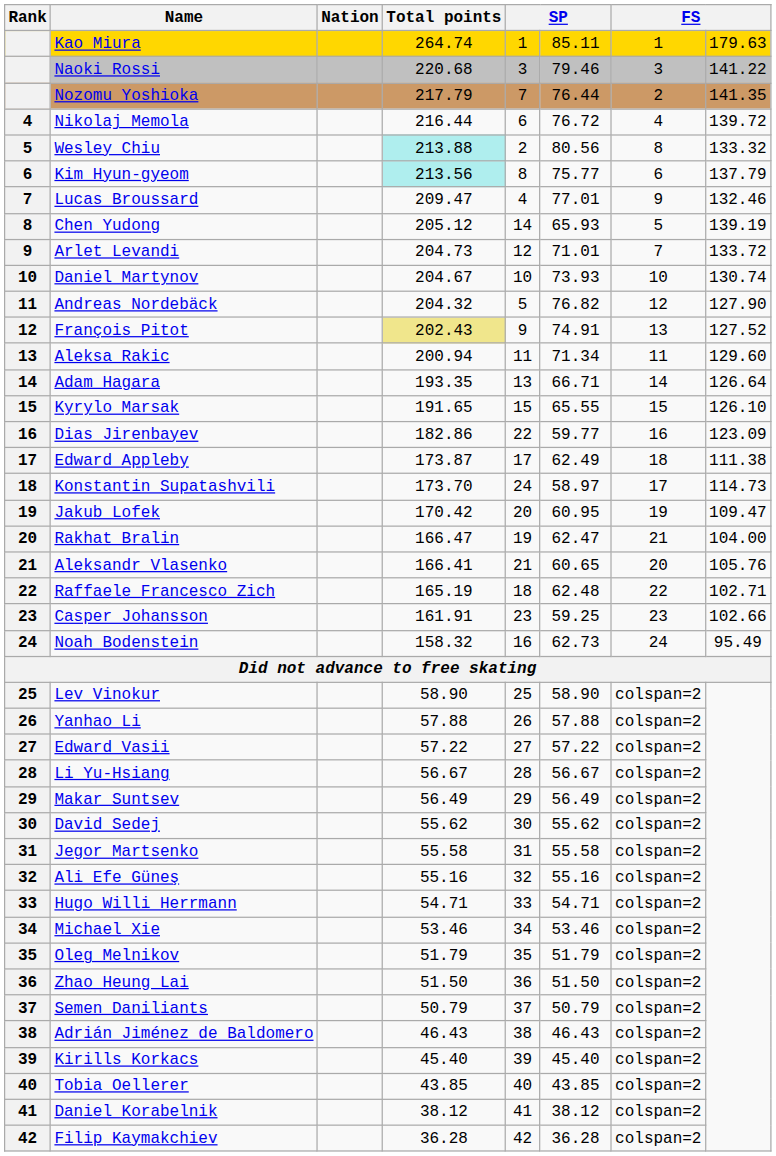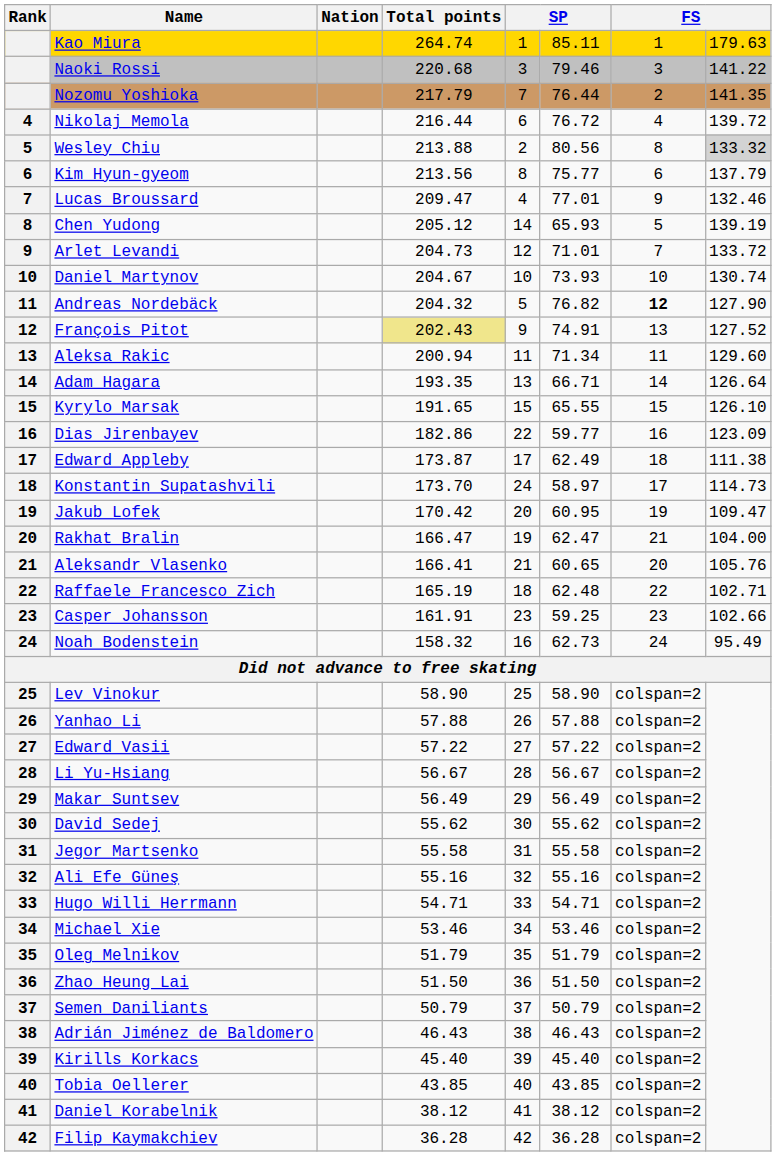 <table class="wikitable sortable" style="text-align:center;">
 <tr>
 <th scope="col">Rank</th>
 <th scope="col">Name</th>
 <th scope="col">Nation</th>
 <th scope="col">Total points</th>
 <th colspan="2" width="80px"><a href='#'>SP</a></th>
 <th colspan="2" width="80px"><a href='#'>FS</a></th>
 </tr>
 <tr bgcolor="gold">
 <th scope="row"><strong></strong></th>
 <td style="text-align:left"><a href='#'>Kao Miura</a></td>
 <td style="text-align:left"></td>
 <td align="center">264.74</td>
 <td align="center">1</td>
 <td align="center">85.11</td>
 <td align="center">1</td>
 <td align="center">179.63</td>
 </tr>
 <tr bgcolor="silver">
 <th scope="row"><strong></strong></th>
 <td style="text-align:left"><a href='#'>Naoki Rossi</a></td>
 <td style="text-align:left"></td>
 <td align="center">220.68</td>
 <td align="center">3</td>
 <td align="center">79.46</td>
 <td align="center">3</td>
 <td align="center">141.22</td>
 </tr>
 <tr bgcolor="#cc9966">
 <th scope="row"><strong></strong></th>
 <td style="text-align:left"><a href='#'>Nozomu Yoshioka</a></td>
 <td style="text-align:left"></td>
 <td align="center">217.79</td>
 <td align="center">7</td>
 <td align="center">76.44</td>
 <td align="center">2</td>
 <td align="center">141.35</td>
 </tr>
 <tr>
 <th scope="row">4</th>
 <td style="text-align:left"><a href='#'>Nikolaj Memola</a></td>
 <td style="text-align:left"></td>
 <td align="center">216.44</td>
 <td align="center">6</td>
 <td align="center">76.72</td>
 <td align="center">4</td>
 <td align="center">139.72</td>
 </tr>
 <tr>
 <th scope="row">5</th>
 <td style="text-align:left"><a href='#'>Wesley Chiu</a></td>
 <td style="text-align:left"></td>
-<td align="center" style="background: paleturquoise;">213.88</td>
+<td align="center">213.88</td>
 <td align="center">2</td>
 <td align="center">80.56</td>
 <td align="center">8</td>
-<td align="center">133.32</td>
+<td align="center" style="background: lightgrey;">133.32</td>
 </tr>
 <tr>
 <th scope="row">6</th>
 <td style="text-align:left"><a href='#'>Kim Hyun-gyeom</a></td>
 <td style="text-align:left"></td>
-<td align="center" style="background: paleturquoise;">213.56</td>
+<td align="center">213.56</td>
 <td align="center">8</td>
 <td align="center">75.77</td>
 <td align="center">6</td>
 <td align="center">137.79</td>
 </tr>
 <tr>
 <th scope="row">7</th>
 <td style="text-align:left"><a href='#'>Lucas Broussard</a></td>
 <td style="text-align:left"></td>
 <td align="center">209.47</td>
 <td align="center">4</td>
 <td align="center">77.01</td>
 <td align="center">9</td>
 <td align="center">132.46</td>
 </tr>
 <tr>
 <th scope="row">8</th>
 <td style="text-align:left"><a href='#'>Chen Yudong</a></td>
 <td style="text-align:left"></td>
 <td align="center">205.12</td>
 <td align="center">14</td>
 <td align="center">65.93</td>
 <td align="center">5</td>
 <td align="center">139.19</td>
 </tr>
 <tr>
 <th scope="row">9</th>
 <td style="text-align:left"><a href='#'>Arlet Levandi</a></td>
 <td style="text-align:left"></td>
 <td align="center">204.73</td>
 <td align="center">12</td>
 <td align="center">71.01</td>
 <td align="center">7</td>
 <td align="center">133.72</td>
 </tr>
 <tr>
 <th scope="row">10</th>
 <td style="text-align:left"><a href='#'>Daniel Martynov</a></td>
 <td style="text-align:left"></td>
 <td align="center">204.67</td>
 <td align="center">10</td>
 <td align="center">73.93</td>
 <td align="center">10</td>
 <td align="center">130.74</td>
 </tr>
 <tr>
 <th scope="row">11</th>
 <td style="text-align:left"><a href='#'>Andreas Nordebäck</a></td>
 <td style="text-align:left"></td>
 <td align="center">204.32</td>
 <td align="center">5</td>
 <td align="center">76.82</td>
-<td align="center">12</td>
+<td align="center"><strong>12</strong></td>
 <td align="center">127.90</td>
 </tr>
 <tr>
 <th scope="row">12</th>
 <td style="text-align:left"><a href='#'>François Pitot</a></td>
 <td style="text-align:left"></td>
 <td align="center" style="background: khaki;">202.43</td>
 <td align="center">9</td>
 <td align="center">74.91</td>
 <td align="center">13</td>
 <td align="center">127.52</td>
 </tr>
 <tr>
 <th scope="row">13</th>
 <td style="text-align:left"><a href='#'>Aleksa Rakic</a></td>
 <td style="text-align:left"></td>
 <td align="center">200.94</td>
 <td align="center">11</td>
 <td align="center">71.34</td>
 <td align="center">11</td>
 <td align="center">129.60</td>
 </tr>
 <tr>
 <th scope="row">14</th>
 <td style="text-align:left"><a href='#'>Adam Hagara</a></td>
 <td style="text-align:left"></td>
 <td align="center">193.35</td>
 <td align="center">13</td>
 <td align="center">66.71</td>
 <td align="center">14</td>
 <td align="center">126.64</td>
 </tr>
 <tr>
 <th scope="row">15</th>
 <td style="text-align:left"><a href='#'>Kyrylo Marsak</a></td>
 <td style="text-align:left"></td>
 <td align="center">191.65</td>
 <td align="center">15</td>
 <td align="center">65.55</td>
 <td align="center">15</td>
 <td align="center">126.10</td>
 </tr>
 <tr>
 <th scope="row">16</th>
 <td style="text-align:left"><a href='#'>Dias Jirenbayev</a></td>
 <td style="text-align:left"></td>
 <td align="center">182.86</td>
 <td align="center">22</td>
 <td align="center">59.77</td>
 <td align="center">16</td>
 <td align="center">123.09</td>
 </tr>
 <tr>
 <th scope="row">17</th>
 <td style="text-align:left"><a href='#'>Edward Appleby</a></td>
 <td style="text-align:left"></td>
 <td align="center">173.87</td>
 <td align="center">17</td>
 <td align="center">62.49</td>
 <td align="center">18</td>
 <td align="center">111.38</td>
 </tr>
 <tr>
 <th scope="row">18</th>
 <td style="text-align:left"><a href='#'>Konstantin Supatashvili</a></td>
 <td style="text-align:left"></td>
 <td align="center">173.70</td>
 <td align="center">24</td>
 <td align="center">58.97</td>
 <td align="center">17</td>
 <td align="center">114.73</td>
 </tr>
 <tr>
 <th scope="row">19</th>
 <td style="text-align:left"><a href='#'>Jakub Lofek</a></td>
 <td style="text-align:left"></td>
 <td align="center">170.42</td>
 <td align="center">20</td>
 <td align="center">60.95</td>
 <td align="center">19</td>
 <td align="center">109.47</td>
 </tr>
 <tr>
 <th scope="row">20</th>
 <td style="text-align:left"><a href='#'>Rakhat Bralin</a></td>
 <td style="text-align:left"></td>
 <td align="center">166.47</td>
 <td align="center">19</td>
 <td align="center">62.47</td>
 <td align="center">21</td>
 <td align="center">104.00</td>
 </tr>
 <tr>
 <th scope="row">21</th>
 <td style="text-align:left"><a href='#'>Aleksandr Vlasenko</a></td>
 <td style="text-align:left"></td>
 <td align="center">166.41</td>
 <td align="center">21</td>
 <td align="center">60.65</td>
 <td align="center">20</td>
 <td align="center">105.76</td>
 </tr>
 <tr>
 <th scope="row">22</th>
 <td style="text-align:left"><a href='#'>Raffaele Francesco Zich</a></td>
 <td style="text-align:left"></td>
 <td align="center">165.19</td>
 <td align="center">18</td>
 <td align="center">62.48</td>
 <td align="center">22</td>
 <td align="center">102.71</td>
 </tr>
 <tr>
 <th scope="row">23</th>
 <td style="text-align:left"><a href='#'>Casper Johansson</a></td>
 <td style="text-align:left"></td>
 <td align="center">161.91</td>
 <td align="center">23</td>
 <td align="center">59.25</td>
 <td align="center">23</td>
 <td align="center">102.66</td>
 </tr>
 <tr>
 <th scope="row">24</th>
 <td style="text-align:left"><a href='#'>Noah Bodenstein</a></td>
 <td style="text-align:left"></td>
 <td align="center">158.32</td>
 <td align="center">16</td>
 <td align="center">62.73</td>
 <td align="center">24</td>
 <td align="center">95.49</td>
 </tr>
 <tr>
 <th colspan=8><em>Did not advance to free skating</em></th>
 </tr>
 <tr>
 <th scope="row">25</th>
 <td style="text-align:left"><a href='#'>Lev Vinokur</a></td>
 <td style="text-align:left"></td>
 <td align="center">58.90</td>
 <td align="center">25</td>
 <td align="center">58.90</td>
 <td>colspan=2 </td>
 </tr>
 <tr>
 <th scope="row">26</th>
 <td style="text-align:left"><a href='#'>Yanhao Li</a></td>
 <td style="text-align:left"></td>
 <td align="center">57.88</td>
 <td align="center">26</td>
 <td align="center">57.88</td>
 <td>colspan=2 </td>
 </tr>
 <tr>
 <th scope="row">27</th>
 <td style="text-align:left"><a href='#'>Edward Vasii</a></td>
 <td style="text-align:left"></td>
 <td align="center">57.22</td>
 <td align="center">27</td>
 <td align="center">57.22</td>
 <td>colspan=2 </td>
 </tr>
 <tr>
 <th scope="row">28</th>
 <td style="text-align:left"><a href='#'>Li Yu-Hsiang</a></td>
 <td style="text-align:left"></td>
 <td align="center">56.67</td>
 <td align="center">28</td>
 <td align="center">56.67</td>
 <td>colspan=2 </td>
 </tr>
 <tr>
 <th scope="row">29</th>
 <td style="text-align:left"><a href='#'>Makar Suntsev</a></td>
 <td style="text-align:left"></td>
 <td align="center">56.49</td>
 <td align="center">29</td>
 <td align="center">56.49</td>
 <td>colspan=2 </td>
 </tr>
 <tr>
 <th scope="row">30</th>
 <td style="text-align:left"><a href='#'>David Sedej</a></td>
 <td style="text-align:left"></td>
 <td align="center">55.62</td>
 <td align="center">30</td>
 <td align="center">55.62</td>
 <td>colspan=2 </td>
 </tr>
 <tr>
 <th scope="row">31</th>
 <td style="text-align:left"><a href='#'>Jegor Martsenko</a></td>
 <td style="text-align:left"></td>
 <td align="center">55.58</td>
 <td align="center">31</td>
 <td align="center">55.58</td>
 <td>colspan=2 </td>
 </tr>
 <tr>
 <th scope="row">32</th>
 <td style="text-align:left"><a href='#'>Ali Efe Güneş</a></td>
 <td style="text-align:left"></td>
 <td align="center">55.16</td>
 <td align="center">32</td>
 <td align="center">55.16</td>
 <td>colspan=2 </td>
 </tr>
 <tr>
 <th scope="row">33</th>
 <td style="text-align:left"><a href='#'>Hugo Willi Herrmann</a></td>
 <td style="text-align:left"></td>
 <td align="center">54.71</td>
 <td align="center">33</td>
 <td align="center">54.71</td>
 <td>colspan=2 </td>
 </tr>
 <tr>
 <th scope="row">34</th>
 <td style="text-align:left"><a href='#'>Michael Xie</a></td>
 <td style="text-align:left"></td>
 <td align="center">53.46</td>
 <td align="center">34</td>
 <td align="center">53.46</td>
 <td>colspan=2 </td>
 </tr>
 <tr>
 <th scope="row">35</th>
 <td style="text-align:left"><a href='#'>Oleg Melnikov</a></td>
 <td style="text-align:left"></td>
 <td align="center">51.79</td>
 <td align="center">35</td>
 <td align="center">51.79</td>
 <td>colspan=2 </td>
 </tr>
 <tr>
 <th scope="row">36</th>
 <td style="text-align:left"><a href='#'>Zhao Heung Lai</a></td>
 <td style="text-align:left"></td>
 <td align="center">51.50</td>
 <td align="center">36</td>
 <td align="center">51.50</td>
 <td>colspan=2 </td>
 </tr>
 <tr>
 <th scope="row">37</th>
 <td style="text-align:left"><a href='#'>Semen Daniliants</a></td>
 <td style="text-align:left"></td>
 <td align="center">50.79</td>
 <td align="center">37</td>
 <td align="center">50.79</td>
 <td>colspan=2 </td>
 </tr>
 <tr>
 <th scope="row">38</th>
 <td style="text-align:left"><a href='#'>Adrián Jiménez de Baldomero</a></td>
 <td style="text-align:left"></td>
 <td align="center">46.43</td>
 <td align="center">38</td>
 <td align="center">46.43</td>
 <td>colspan=2 </td>
 </tr>
 <tr>
 <th scope="row">39</th>
 <td style="text-align:left"><a href='#'>Kirills Korkacs</a></td>
 <td style="text-align:left"></td>
 <td align="center">45.40</td>
 <td align="center">39</td>
 <td align="center">45.40</td>
 <td>colspan=2 </td>
 </tr>
 <tr>
 <th scope="row">40</th>
 <td style="text-align:left"><a href='#'>Tobia Oellerer</a></td>
 <td style="text-align:left"></td>
 <td align="center">43.85</td>
 <td align="center">40</td>
 <td align="center">43.85</td>
 <td>colspan=2 </td>
 </tr>
 <tr>
 <th scope="row">41</th>
 <td style="text-align:left"><a href='#'>Daniel Korabelnik</a></td>
 <td style="text-align:left"></td>
 <td align="center">38.12</td>
 <td align="center">41</td>
 <td align="center">38.12</td>
 <td>colspan=2 </td>
 </tr>
 <tr>
 <th scope="row">42</th>
 <td style="text-align:left"><a href='#'>Filip Kaymakchiev</a></td>
 <td style="text-align:left"></td>
 <td align="center">36.28</td>
 <td align="center">42</td>
 <td align="center">36.28</td>
 <td>colspan=2 </td>
 </tr>
 </table>
